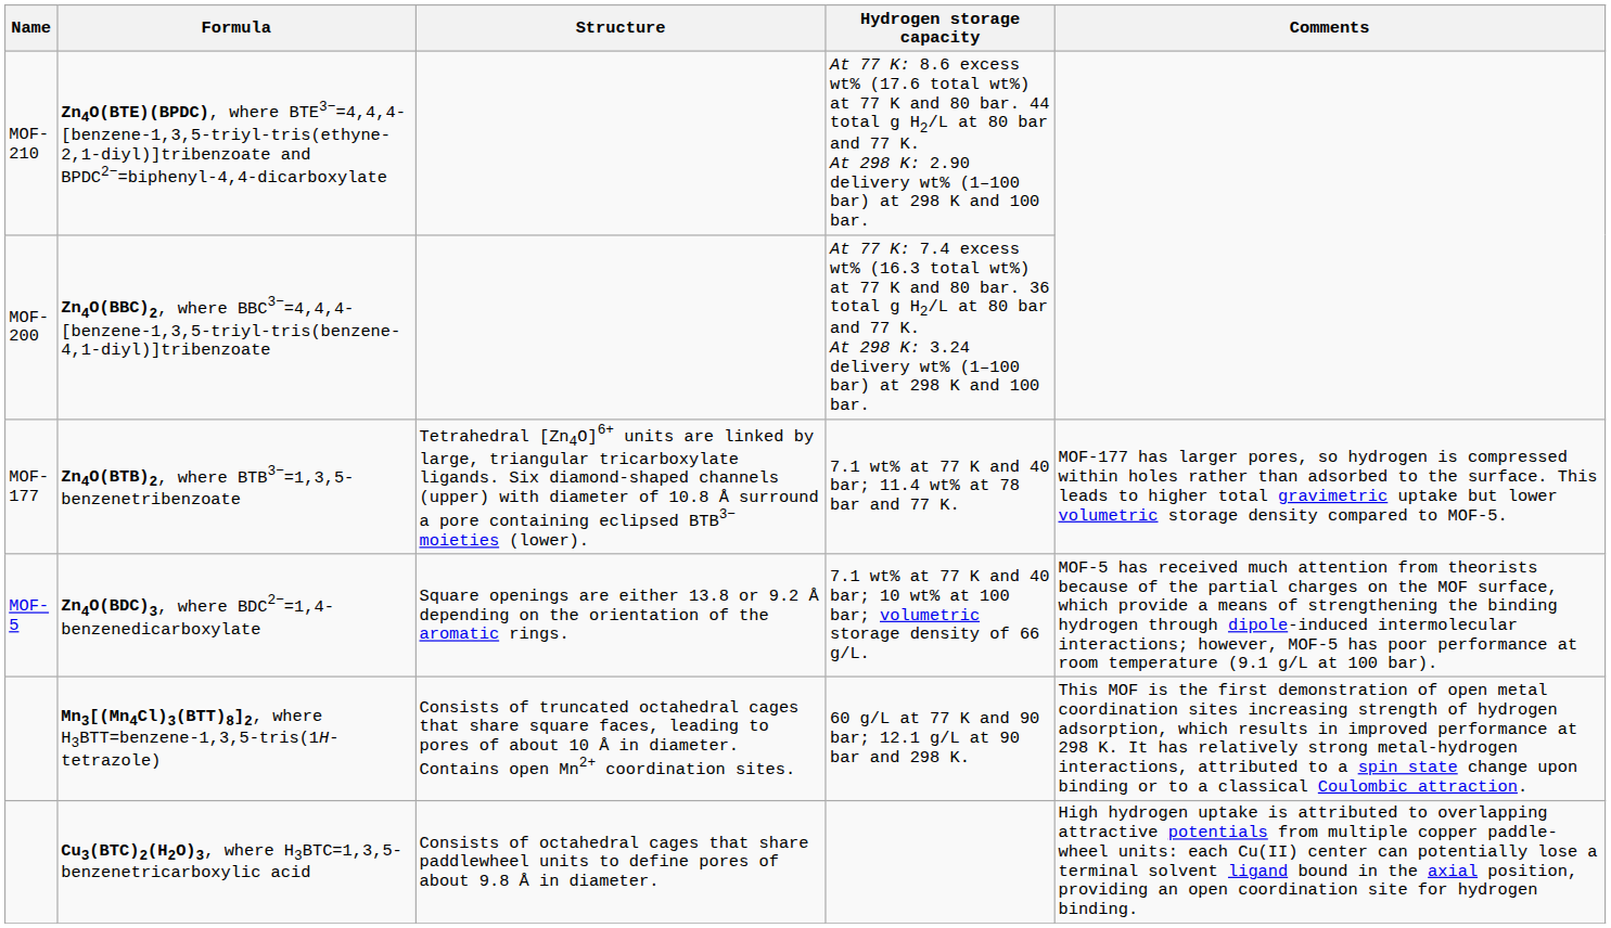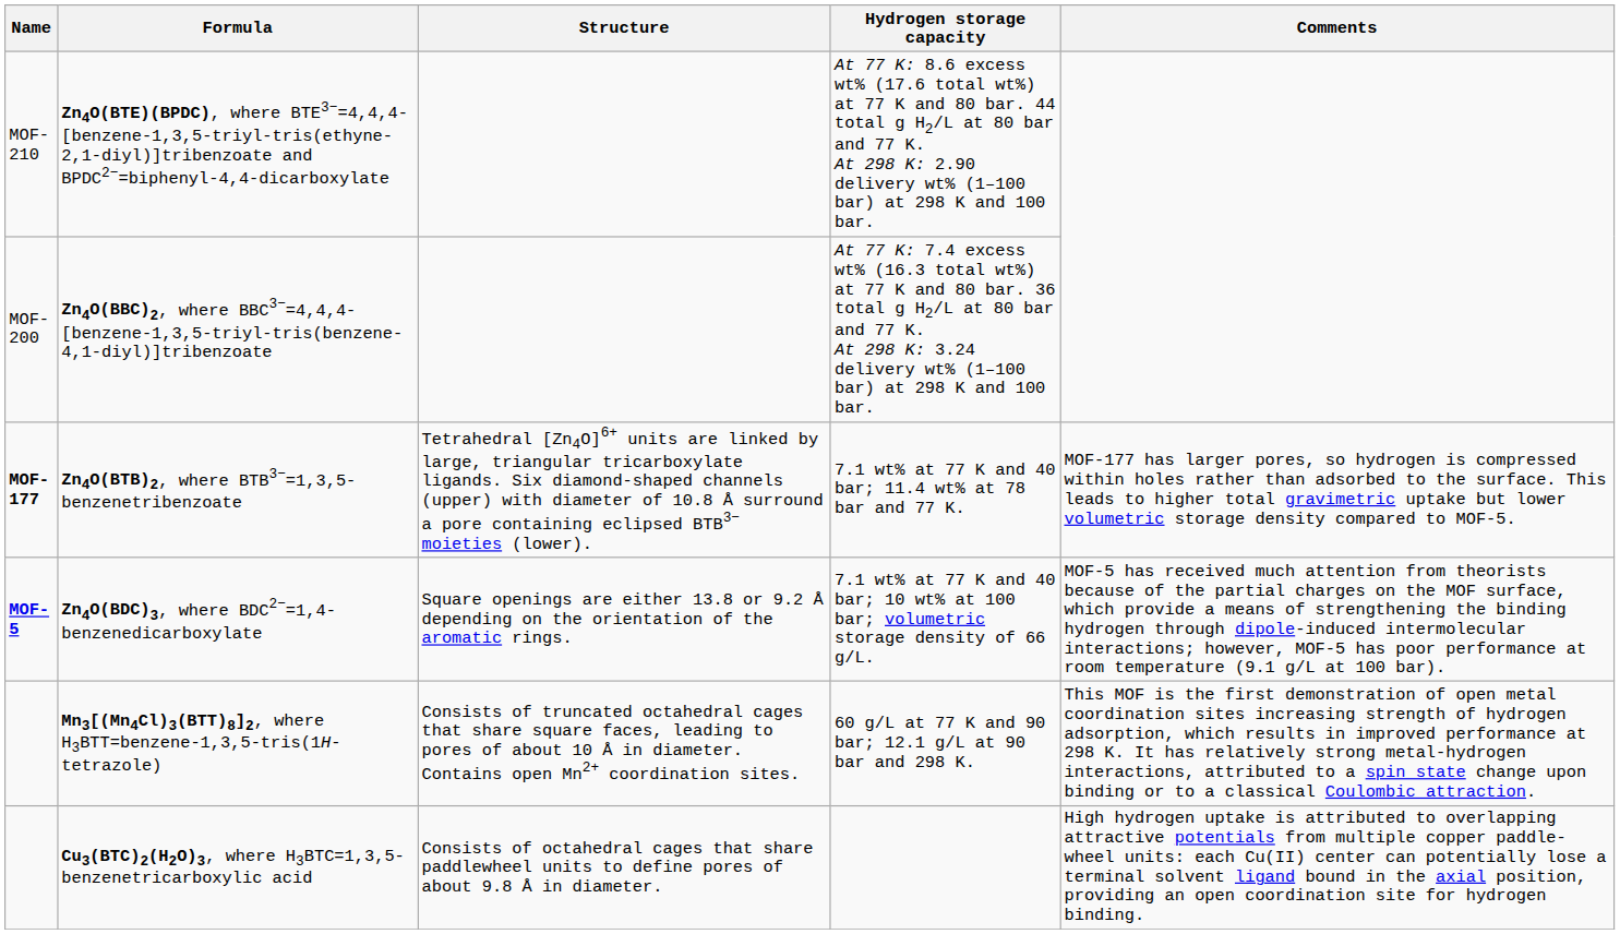 <table class="wikitable">
 <tr>
 <th>Name</th>
 <th>Formula</th>
 <th>Structure</th>
 <th>Hydrogen storage capacity</th>
 <th>Comments</th>
 </tr>
 <tr>
 <td>MOF-210</td>
 <td><strong>Zn<sub>4</sub>O(BTE)(BPDC)</strong>, where BTE<sup>3−</sup>=4,4,4-[benzene-1,3,5-triyl-tris(ethyne-2,1-diyl)]tribenzoate and BPDC<sup>2−</sup>=biphenyl-4,4-dicarboxylate</td>
 <td></td>
 <td><em>At 77 K:</em> 8.6 excess wt% (17.6 total wt%) at 77 K and 80 bar. 44 total g H<sub>2</sub>/L at 80 bar and 77 K.<br><em>At 298 K:</em> 2.90 delivery wt% (1–100 bar) at 298 K and 100 bar.</td>
 </tr>
 <tr>
 <td>MOF-200</td>
 <td><strong>Zn<sub>4</sub>O(BBC)<sub>2</sub></strong>, where BBC<sup>3−</sup>=4,4,4-[benzene-1,3,5-triyl-tris(benzene-4,1-diyl)]tribenzoate</td>
 <td></td>
 <td><em>At 77 K:</em> 7.4 excess wt% (16.3 total wt%) at 77 K and 80 bar. 36 total g H<sub>2</sub>/L at 80 bar and 77 K.<br><em>At 298 K:</em> 3.24 delivery wt% (1–100 bar) at 298 K and 100 bar.</td>
 </tr>
 <tr>
-<td>MOF-177</td>
+<td><strong>MOF-177</strong></td>
 <td><strong>Zn<sub>4</sub>O(BTB)<sub>2</sub></strong>, where BTB<sup>3−</sup>=1,3,5-benzenetribenzoate</td>
 <td>Tetrahedral [Zn<sub>4</sub>O]<sup>6+</sup> units are linked by large, triangular tricarboxylate ligands. Six diamond-shaped channels (upper) with diameter of 10.8 Å surround a pore containing eclipsed BTB<sup>3−</sup> <a href='#'>moieties</a> (lower).</td>
 <td>7.1 wt% at 77 K and 40 bar; 11.4 wt% at 78 bar and 77 K.</td>
 <td>MOF-177 has larger pores, so hydrogen is compressed within holes rather than adsorbed to the surface. This leads to higher total <a href='#'>gravimetric</a> uptake but lower <a href='#'>volumetric</a> storage density compared to MOF-5.</td>
 </tr>
 <tr>
-<td><a href='#'>MOF-5</a></td>
+<td><strong><a href='#'>MOF-5</a></strong></td>
 <td><strong>Zn<sub>4</sub>O(BDC)<sub>3</sub></strong>, where BDC<sup>2−</sup>=1,4-benzenedicarboxylate</td>
 <td>Square openings are either 13.8 or 9.2 Å depending on the orientation of the <a href='#'>aromatic</a> rings.</td>
 <td>7.1 wt% at 77 K and 40 bar; 10 wt% at 100 bar; <a href='#'>volumetric</a> storage density of 66 g/L.</td>
 <td>MOF-5 has received much attention from theorists because of the partial charges on the MOF surface, which provide a means of strengthening the binding hydrogen through <a href='#'>dipole</a>-induced intermolecular interactions; however, MOF-5 has poor performance at room temperature (9.1 g/L at 100 bar).</td>
 </tr>
 <tr>
 <td></td>
 <td><strong>Mn<sub>3</sub>[(Mn<sub>4</sub>Cl)<sub>3</sub>(BTT)<sub>8</sub>]<sub>2</sub></strong>, where H<sub>3</sub>BTT=benzene-1,3,5-tris(1<em>H</em>-tetrazole)</td>
 <td>Consists of truncated octahedral cages that share square faces, leading to pores of about 10 Å in diameter. Contains open Mn<sup>2+</sup> coordination sites.</td>
 <td>60 g/L at 77 K and 90 bar; 12.1 g/L at 90 bar and 298 K.</td>
 <td>This MOF is the first demonstration of open metal coordination sites increasing strength of hydrogen adsorption, which results in improved performance at 298 K. It has relatively strong metal-hydrogen interactions, attributed to a <a href='#'>spin state</a> change upon binding or to a classical <a href='#'>Coulombic attraction</a>.</td>
 </tr>
 <tr>
 <td></td>
 <td><strong>Cu<sub>3</sub>(BTC)<sub>2</sub>(H<sub>2</sub>O)<sub>3</sub></strong>, where H<sub>3</sub>BTC=1,3,5-benzenetricarboxylic acid</td>
 <td>Consists of octahedral cages that share paddlewheel units to define pores of about 9.8 Å in diameter.</td>
 <td></td>
 <td>High hydrogen uptake is attributed to overlapping attractive <a href='#'>potentials</a> from multiple copper paddle-wheel units: each Cu(II) center can potentially lose a terminal solvent <a href='#'>ligand</a> bound in the <a href='#'>axial</a> position, providing an open coordination site for hydrogen binding.</td>
 </tr>
 </table>
